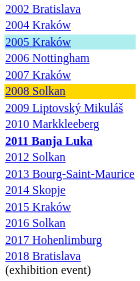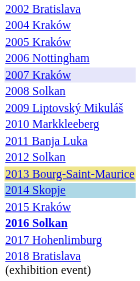 <table>
 <tr>
 <td><a href='#'>2002 Bratislava</a></td>
 <td></td>
 <td></td>
 <td></td>
 </tr>
 <tr>
 <td><a href='#'>2004 Kraków</a></td>
 <td></td>
 <td></td>
 <td></td>
 </tr>
 <tr>
-<td style="background: paleturquoise;"><a href='#'>2005 Kraków</a></td>
+<td><a href='#'>2005 Kraków</a></td>
 <td></td>
 <td></td>
 <td></td>
 </tr>
 <tr>
 <td><a href='#'>2006 Nottingham</a></td>
 <td></td>
 <td></td>
 <td></td>
 </tr>
 <tr>
-<td><a href='#'>2007 Kraków</a></td>
+<td style="background: lavender;"><a href='#'>2007 Kraków</a></td>
 <td></td>
 <td></td>
 <td></td>
 </tr>
 <tr>
-<td style="background: gold;"><a href='#'>2008 Solkan</a></td>
+<td><a href='#'>2008 Solkan</a></td>
 <td></td>
 <td></td>
 <td></td>
 </tr>
 <tr>
 <td><a href='#'>2009 Liptovský Mikuláš</a></td>
 <td></td>
 <td></td>
 <td></td>
 </tr>
 <tr>
 <td><a href='#'>2010 Markkleeberg</a></td>
 <td></td>
 <td></td>
 <td></td>
 </tr>
 <tr>
-<td><strong><a href='#'>2011 Banja Luka</a></strong></td>
+<td><a href='#'>2011 Banja Luka</a></td>
 <td></td>
 <td></td>
 <td></td>
 </tr>
 <tr>
 <td><a href='#'>2012 Solkan</a></td>
 <td></td>
 <td></td>
 <td></td>
 </tr>
 <tr>
-<td><a href='#'>2013 Bourg-Saint-Maurice</a></td>
+<td style="background: khaki;"><a href='#'>2013 Bourg-Saint-Maurice</a></td>
 <td></td>
 <td></td>
 <td></td>
 </tr>
 <tr>
-<td><a href='#'>2014 Skopje</a></td>
+<td style="background: lightblue;"><a href='#'>2014 Skopje</a></td>
 <td></td>
 <td></td>
 <td></td>
 </tr>
 <tr>
 <td><a href='#'>2015 Kraków</a></td>
 <td></td>
 <td></td>
 <td></td>
 </tr>
 <tr>
-<td><a href='#'>2016 Solkan</a></td>
+<td><strong><a href='#'>2016 Solkan</a></strong></td>
 <td></td>
 <td></td>
 <td></td>
 </tr>
 <tr>
 <td><a href='#'>2017 Hohenlimburg</a></td>
 <td></td>
 <td></td>
 <td></td>
 </tr>
 <tr>
 <td><a href='#'>2018 Bratislava</a><br>(exhibition event)</td>
 <td></td>
 <td></td>
 <td></td>
 </tr>
 </table>
